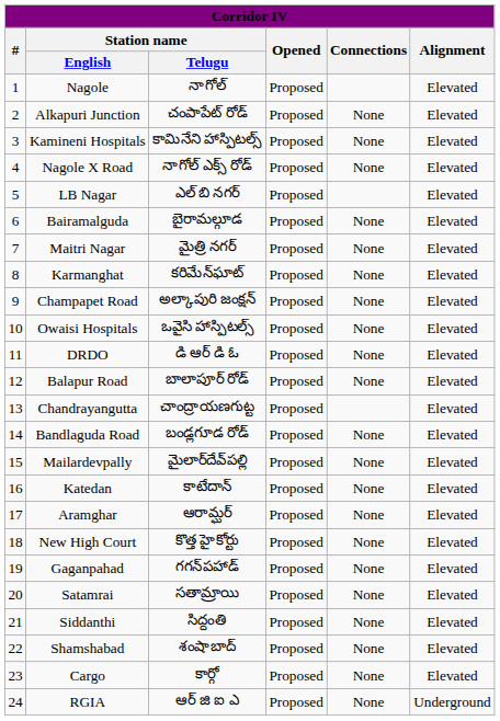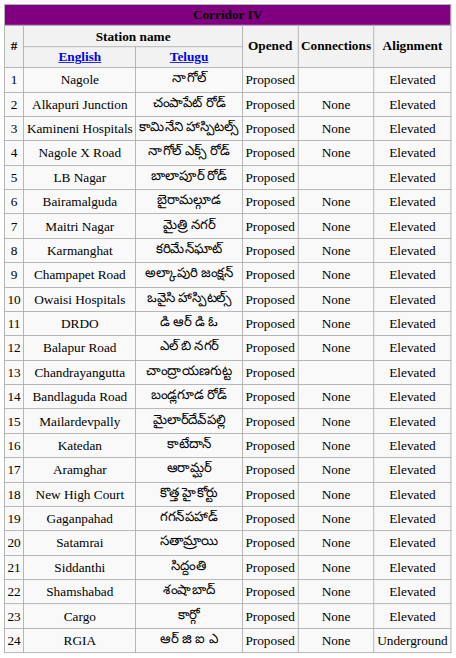 <table class="wikitable" style="text-align: center;">
 <tr>
 <th colspan="6" align="center" style="background:#800080;"><span><strong>Corridor IV</strong></span></th>
 </tr>
 <tr>
 <th rowspan="2">#</th>
 <th colspan="2">Station name</th>
 <th rowspan="2">Opened</th>
 <th rowspan="2">Connections</th>
 <th rowspan="2">Alignment</th>
 </tr>
 <tr>
 <th><a href='#'>English</a></th>
 <th><a href='#'>Telugu</a></th>
 </tr>
 <tr>
 <td>1</td>
 <td>Nagole</td>
 <td>నాగోల్</td>
 <td>Proposed</td>
 <td></td>
 <td>Elevated</td>
 </tr>
 <tr>
 <td>2</td>
 <td>Alkapuri Junction</td>
 <td>చంపాపేట్ రోడ్</td>
 <td>Proposed</td>
 <td>None</td>
 <td>Elevated</td>
 </tr>
 <tr>
 <td>3</td>
 <td>Kamineni Hospitals</td>
 <td>కామినేని హాస్పిటల్స్</td>
 <td>Proposed</td>
 <td>None</td>
 <td>Elevated</td>
 </tr>
 <tr>
 <td>4</td>
 <td>Nagole X Road</td>
 <td>నాగోల్ ఎక్స్ రోడ్</td>
 <td>Proposed</td>
 <td>None</td>
 <td>Elevated</td>
 </tr>
 <tr>
 <td>5</td>
 <td>LB Nagar</td>
-<td>ఎల్ బి నగర్</td>
+<td>బాలాపూర్ రోడ్</td>
 <td>Proposed</td>
 <td></td>
 <td>Elevated</td>
 </tr>
 <tr>
 <td>6</td>
 <td>Bairamalguda</td>
 <td>బైరామల్గూడ</td>
 <td>Proposed</td>
 <td>None</td>
 <td>Elevated</td>
 </tr>
 <tr>
 <td>7</td>
 <td>Maitri Nagar</td>
 <td>మైత్రి నగర్</td>
 <td>Proposed</td>
 <td>None</td>
 <td>Elevated</td>
 </tr>
 <tr>
 <td>8</td>
 <td>Karmanghat</td>
 <td>కరిమేన్‌ఘాట్</td>
 <td>Proposed</td>
 <td>None</td>
 <td>Elevated</td>
 </tr>
 <tr>
 <td>9</td>
 <td>Champapet Road</td>
 <td>అల్కాపురి జంక్షన్</td>
 <td>Proposed</td>
 <td>None</td>
 <td>Elevated</td>
 </tr>
 <tr>
 <td>10</td>
 <td>Owaisi Hospitals</td>
 <td>ఒవైసి హాస్పిటల్స్</td>
 <td>Proposed</td>
 <td>None</td>
 <td>Elevated</td>
 </tr>
 <tr>
 <td>11</td>
 <td>DRDO</td>
 <td>డి ఆర్ డి ఓ</td>
 <td>Proposed</td>
 <td>None</td>
 <td>Elevated</td>
 </tr>
 <tr>
 <td>12</td>
 <td>Balapur Road</td>
-<td>బాలాపూర్ రోడ్</td>
+<td>ఎల్ బి నగర్</td>
 <td>Proposed</td>
 <td>None</td>
 <td>Elevated</td>
 </tr>
 <tr>
 <td>13</td>
 <td>Chandrayangutta</td>
 <td>చాంద్రాయణగుట్ట</td>
 <td>Proposed</td>
 <td></td>
 <td>Elevated</td>
 </tr>
 <tr>
 <td>14</td>
 <td>Bandlaguda Road</td>
 <td>బండ్లగూడ రోడ్</td>
 <td>Proposed</td>
 <td>None</td>
 <td>Elevated</td>
 </tr>
 <tr>
 <td>15</td>
 <td>Mailardevpally</td>
 <td>మైలార్‌దేవ్‌పల్లి</td>
 <td>Proposed</td>
 <td>None</td>
 <td>Elevated</td>
 </tr>
 <tr>
 <td>16</td>
 <td>Katedan</td>
 <td>కాటేదాన్</td>
 <td>Proposed</td>
 <td>None</td>
 <td>Elevated</td>
 </tr>
 <tr>
 <td>17</td>
 <td>Aramghar</td>
 <td>ఆరామ్ఘర్</td>
 <td>Proposed</td>
 <td>None</td>
 <td>Elevated</td>
 </tr>
 <tr>
 <td>18</td>
 <td>New High Court</td>
 <td>కొత్త హైకోర్టు</td>
 <td>Proposed</td>
 <td>None</td>
 <td>Elevated</td>
 </tr>
 <tr>
 <td>19</td>
 <td>Gaganpahad</td>
 <td>గగన్‌పహాడ్</td>
 <td>Proposed</td>
 <td>None</td>
 <td>Elevated</td>
 </tr>
 <tr>
 <td>20</td>
 <td>Satamrai</td>
 <td>సతామ్రాయి</td>
 <td>Proposed</td>
 <td>None</td>
 <td>Elevated</td>
 </tr>
 <tr>
 <td>21</td>
 <td>Siddanthi</td>
 <td>సిద్దంతి</td>
 <td>Proposed</td>
 <td>None</td>
 <td>Elevated</td>
 </tr>
 <tr>
 <td>22</td>
 <td>Shamshabad</td>
 <td>శంషాబాద్</td>
 <td>Proposed</td>
 <td>None</td>
 <td>Elevated</td>
 </tr>
 <tr>
 <td>23</td>
 <td>Cargo</td>
 <td>కార్గో</td>
 <td>Proposed</td>
 <td>None</td>
 <td>Elevated</td>
 </tr>
 <tr>
 <td>24</td>
 <td>RGIA</td>
 <td>ఆర్ జి ఐ ఎ</td>
 <td>Proposed</td>
 <td>None</td>
 <td>Underground</td>
 </tr>
 </table>
